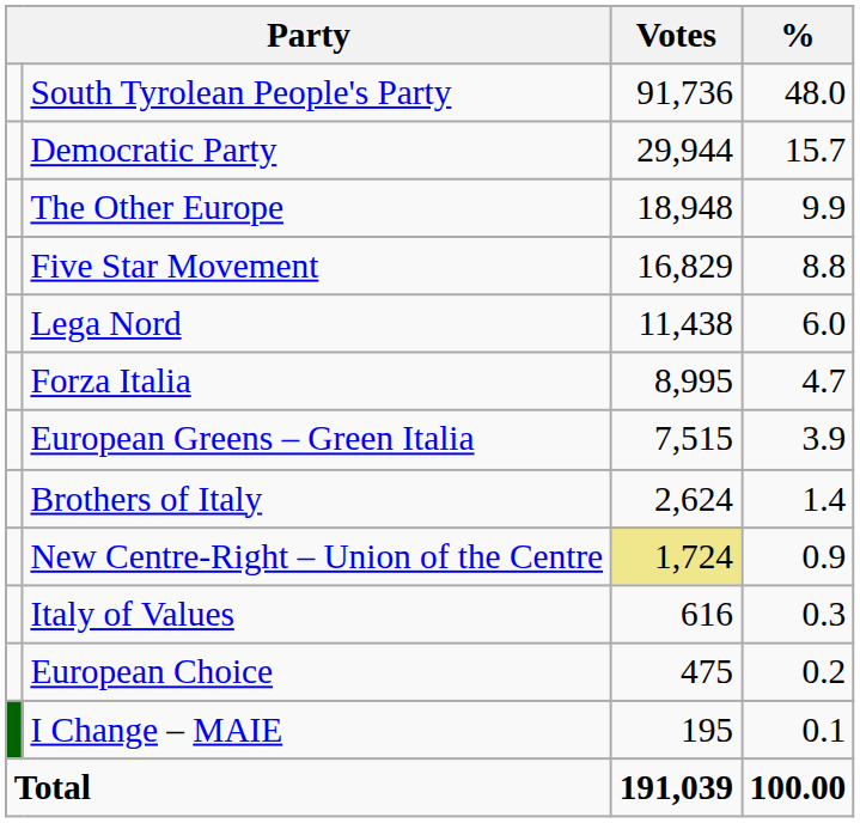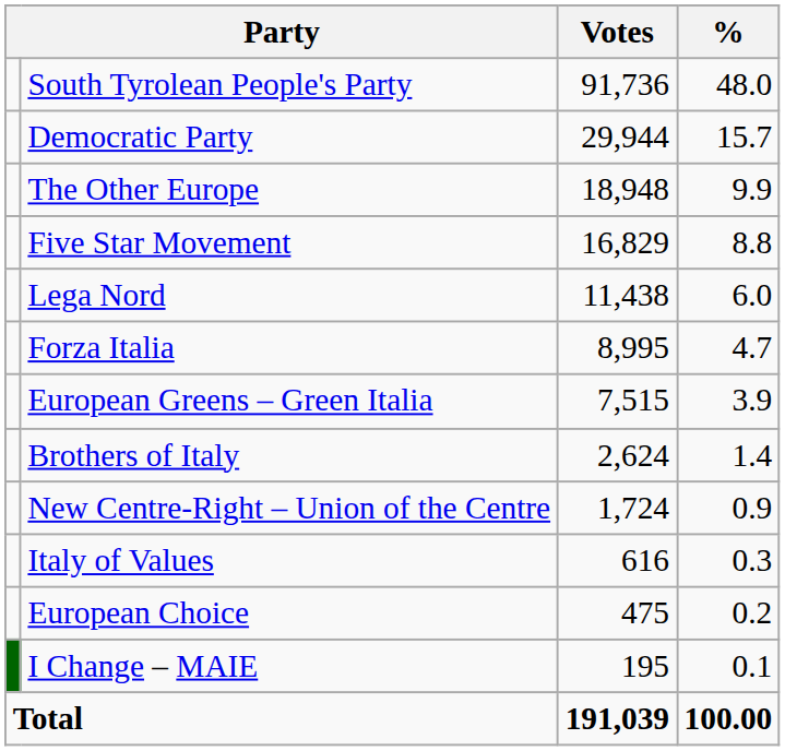 <table class="wikitable" style="font-size:95%">
 <tr>
 <th colspan=2>Party</th>
 <th>Votes</th>
 <th>%</th>
 </tr>
 <tr>
 <td></td>
 <td><a href='#'>South Tyrolean People's Party</a></td>
 <td align=right>91,736</td>
 <td align=right>48.0</td>
 </tr>
 <tr>
 <td></td>
 <td><a href='#'>Democratic Party</a></td>
 <td align=right>29,944</td>
 <td align=right>15.7</td>
 </tr>
 <tr>
 <td></td>
 <td><a href='#'>The Other Europe</a></td>
 <td align=right>18,948</td>
 <td align=right>9.9</td>
 </tr>
 <tr>
 <td></td>
 <td><a href='#'>Five Star Movement</a></td>
 <td align=right>16,829</td>
 <td align=right>8.8</td>
 </tr>
 <tr>
 <td></td>
 <td><a href='#'>Lega Nord</a></td>
 <td align=right>11,438</td>
 <td align=right>6.0</td>
 </tr>
 <tr>
 <td></td>
 <td><a href='#'>Forza Italia</a></td>
 <td align=right>8,995</td>
 <td align=right>4.7</td>
 </tr>
 <tr>
 <td></td>
 <td><a href='#'>European Greens – Green Italia</a></td>
 <td align=right>7,515</td>
 <td align=right>3.9</td>
 </tr>
 <tr>
 <td></td>
 <td><a href='#'>Brothers of Italy</a></td>
 <td align=right>2,624</td>
 <td align=right>1.4</td>
 </tr>
 <tr>
 <td></td>
 <td><a href='#'>New Centre-Right – Union of the Centre</a></td>
-<td align=right style="background: khaki;">1,724</td>
+<td align=right>1,724</td>
 <td align=right>0.9</td>
 </tr>
 <tr>
 <td></td>
 <td><a href='#'>Italy of Values</a></td>
 <td align=right>616</td>
 <td align=right>0.3</td>
 </tr>
 <tr>
 <td></td>
 <td><a href='#'>European Choice</a></td>
 <td align=right>475</td>
 <td align=right>0.2</td>
 </tr>
 <tr>
 <td bgcolor="darkgreen"></td>
 <td><a href='#'>I Change</a> – <a href='#'>MAIE</a></td>
 <td align=right>195</td>
 <td align=right>0.1</td>
 </tr>
 <tr>
 <td colspan=2><strong>Total</strong></td>
 <td align=right><strong>191,039</strong></td>
 <td align=right><strong>100.00</strong></td>
 </tr>
 </table>
